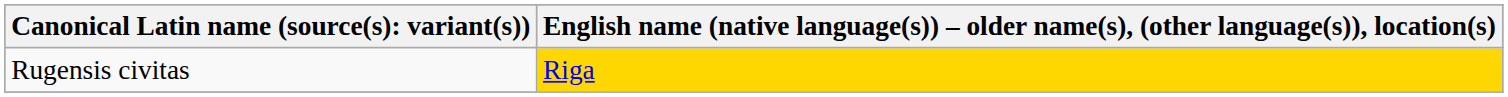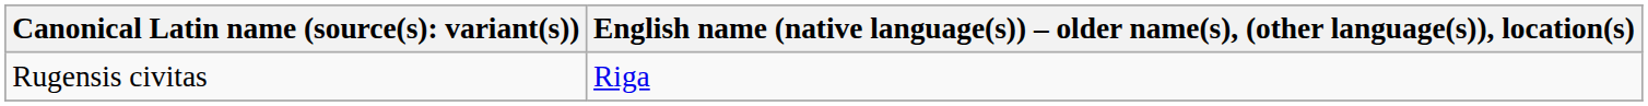 <table class="wikitable">
 <tr>
 <th>Canonical Latin name (source(s): variant(s))</th>
 <th>English name (native language(s)) – older name(s), (other language(s)), location(s)</th>
 </tr>
 <tr>
 <td>Rugensis civitas</td>
-<td style="background: gold;"><a href='#'>Riga</a></td>
+<td><a href='#'>Riga</a></td>
 </tr>
 </table>
